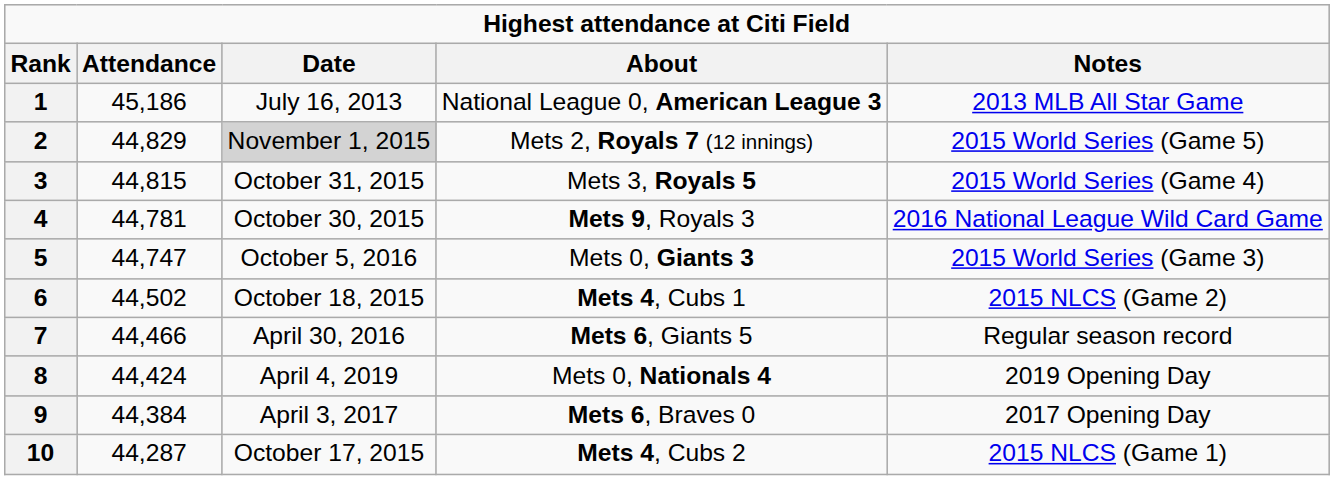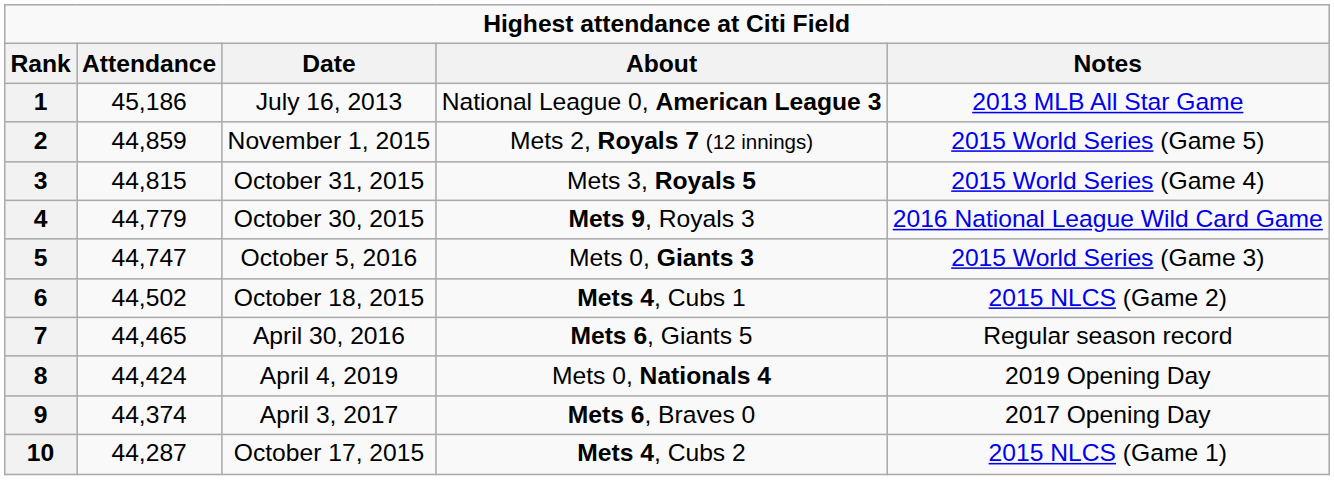 <table class="wikitable" style="text-align:center">
 <tr>
 <td colspan="5"><strong>Highest attendance at Citi Field</strong></td>
 </tr>
 <tr>
 <th>Rank</th>
 <th>Attendance</th>
 <th>Date</th>
 <th>About</th>
 <th>Notes</th>
 </tr>
 <tr>
 <th>1</th>
 <td>45,186</td>
 <td>July 16, 2013</td>
 <td>National League 0, <strong>American League 3</strong></td>
 <td><a href='#'>2013 MLB All Star Game</a></td>
 </tr>
 <tr>
 <th>2</th>
-<td>44,829</td>
-<td style="background: lightgrey;">November 1, 2015</td>
+<td>44,859</td>
+<td>November 1, 2015</td>
 <td>Mets 2, <strong>Royals 7</strong> <small>(12 innings)</small></td>
 <td><a href='#'>2015 World Series</a> (Game 5)</td>
 </tr>
 <tr>
 <th>3</th>
 <td>44,815</td>
 <td>October 31, 2015</td>
 <td>Mets 3, <strong>Royals 5</strong></td>
 <td><a href='#'>2015 World Series</a> (Game 4)</td>
 </tr>
 <tr>
 <th>4</th>
-<td>44,781</td>
+<td>44,779</td>
 <td>October 30, 2015</td>
 <td><strong>Mets 9</strong>, Royals 3</td>
 <td><a href='#'>2016 National League Wild Card Game</a></td>
 </tr>
 <tr>
 <th>5</th>
 <td>44,747</td>
 <td>October 5, 2016</td>
 <td>Mets 0, <strong>Giants 3</strong></td>
 <td><a href='#'>2015 World Series</a> (Game 3)</td>
 </tr>
 <tr>
 <th>6</th>
 <td>44,502</td>
 <td>October 18, 2015</td>
 <td><strong>Mets 4</strong>, Cubs 1</td>
 <td><a href='#'>2015 NLCS</a> (Game 2)</td>
 </tr>
 <tr>
 <th>7</th>
-<td>44,466</td>
+<td>44,465</td>
 <td>April 30, 2016</td>
 <td><strong>Mets 6</strong>, Giants 5</td>
 <td>Regular season record</td>
 </tr>
 <tr>
 <th>8</th>
 <td>44,424</td>
 <td>April 4, 2019</td>
 <td>Mets 0, <strong>Nationals 4</strong></td>
 <td>2019 Opening Day</td>
 </tr>
 <tr>
 <th>9</th>
-<td>44,384</td>
+<td>44,374</td>
 <td>April 3, 2017</td>
 <td><strong>Mets 6</strong>, Braves 0</td>
 <td>2017 Opening Day</td>
 </tr>
 <tr>
 <th>10</th>
 <td>44,287</td>
 <td>October 17, 2015</td>
 <td><strong>Mets 4</strong>, Cubs 2</td>
 <td><a href='#'>2015 NLCS</a> (Game 1)</td>
 </tr>
 </table>
